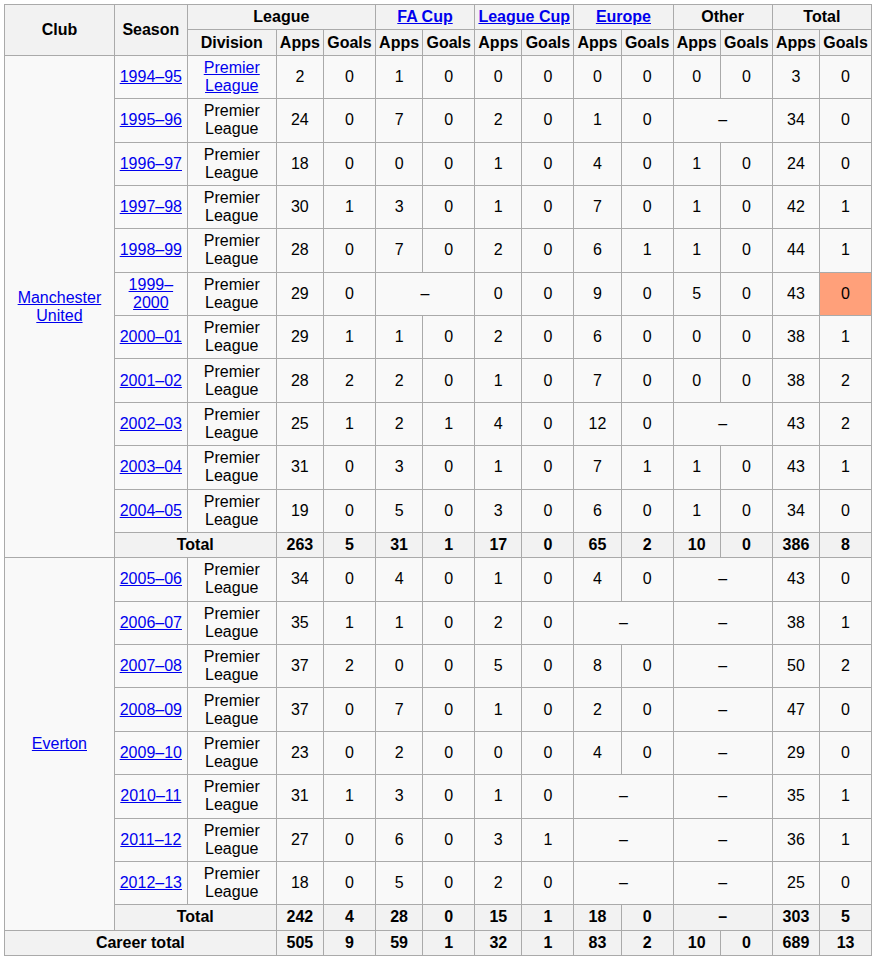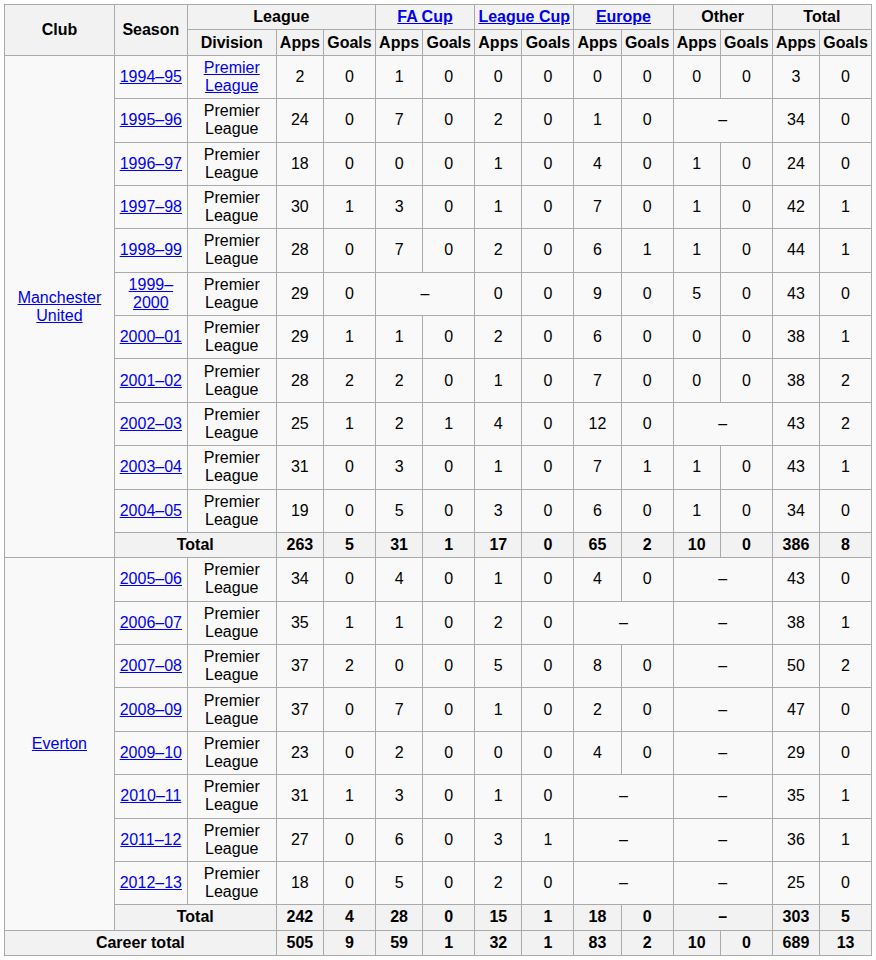 <table class="wikitable" style="text-align:center">
 <tr>
 <th rowspan="2">Club</th>
 <th rowspan="2">Season</th>
 <th colspan="3">League</th>
 <th colspan="2"><a href='#'>FA Cup</a></th>
 <th colspan="2"><a href='#'>League Cup</a></th>
 <th colspan="2"><a href='#'>Europe</a></th>
 <th colspan="2">Other</th>
 <th colspan="2">Total</th>
 </tr>
 <tr>
 <th>Division</th>
 <th>Apps</th>
 <th>Goals</th>
 <th>Apps</th>
 <th>Goals</th>
 <th>Apps</th>
 <th>Goals</th>
 <th>Apps</th>
 <th>Goals</th>
 <th>Apps</th>
 <th>Goals</th>
 <th>Apps</th>
 <th>Goals</th>
 </tr>
 <tr>
 <td rowspan="12"><a href='#'>Manchester United</a></td>
 <td><a href='#'>1994–95</a></td>
 <td><a href='#'>Premier League</a></td>
 <td>2</td>
 <td>0</td>
 <td>1</td>
 <td>0</td>
 <td>0</td>
 <td>0</td>
 <td>0</td>
 <td>0</td>
 <td>0</td>
 <td>0</td>
 <td>3</td>
 <td>0</td>
 </tr>
 <tr>
 <td><a href='#'>1995–96</a></td>
 <td>Premier League</td>
 <td>24</td>
 <td>0</td>
 <td>7</td>
 <td>0</td>
 <td>2</td>
 <td>0</td>
 <td>1</td>
 <td>0</td>
 <td colspan="2">–</td>
 <td>34</td>
 <td>0</td>
 </tr>
 <tr>
 <td><a href='#'>1996–97</a></td>
 <td>Premier League</td>
 <td>18</td>
 <td>0</td>
 <td>0</td>
 <td>0</td>
 <td>1</td>
 <td>0</td>
 <td>4</td>
 <td>0</td>
 <td>1</td>
 <td>0</td>
 <td>24</td>
 <td>0</td>
 </tr>
 <tr>
 <td><a href='#'>1997–98</a></td>
 <td>Premier League</td>
 <td>30</td>
 <td>1</td>
 <td>3</td>
 <td>0</td>
 <td>1</td>
 <td>0</td>
 <td>7</td>
 <td>0</td>
 <td>1</td>
 <td>0</td>
 <td>42</td>
 <td>1</td>
 </tr>
 <tr>
 <td><a href='#'>1998–99</a></td>
 <td>Premier League</td>
 <td>28</td>
 <td>0</td>
 <td>7</td>
 <td>0</td>
 <td>2</td>
 <td>0</td>
 <td>6</td>
 <td>1</td>
 <td>1</td>
 <td>0</td>
 <td>44</td>
 <td>1</td>
 </tr>
 <tr>
 <td><a href='#'>1999–2000</a></td>
 <td>Premier League</td>
 <td>29</td>
 <td>0</td>
 <td colspan="2">–</td>
 <td>0</td>
 <td>0</td>
 <td>9</td>
 <td>0</td>
 <td>5</td>
 <td>0</td>
 <td>43</td>
-<td style="background: lightsalmon;">0</td>
+<td>0</td>
 </tr>
 <tr>
 <td><a href='#'>2000–01</a></td>
 <td>Premier League</td>
 <td>29</td>
 <td>1</td>
 <td>1</td>
 <td>0</td>
 <td>2</td>
 <td>0</td>
 <td>6</td>
 <td>0</td>
 <td>0</td>
 <td>0</td>
 <td>38</td>
 <td>1</td>
 </tr>
 <tr>
 <td><a href='#'>2001–02</a></td>
 <td>Premier League</td>
 <td>28</td>
 <td>2</td>
 <td>2</td>
 <td>0</td>
 <td>1</td>
 <td>0</td>
 <td>7</td>
 <td>0</td>
 <td>0</td>
 <td>0</td>
 <td>38</td>
 <td>2</td>
 </tr>
 <tr>
 <td><a href='#'>2002–03</a></td>
 <td>Premier League</td>
 <td>25</td>
 <td>1</td>
 <td>2</td>
 <td>1</td>
 <td>4</td>
 <td>0</td>
 <td>12</td>
 <td>0</td>
 <td colspan="2">–</td>
 <td>43</td>
 <td>2</td>
 </tr>
 <tr>
 <td><a href='#'>2003–04</a></td>
 <td>Premier League</td>
 <td>31</td>
 <td>0</td>
 <td>3</td>
 <td>0</td>
 <td>1</td>
 <td>0</td>
 <td>7</td>
 <td>1</td>
 <td>1</td>
 <td>0</td>
 <td>43</td>
 <td>1</td>
 </tr>
 <tr>
 <td><a href='#'>2004–05</a></td>
 <td>Premier League</td>
 <td>19</td>
 <td>0</td>
 <td>5</td>
 <td>0</td>
 <td>3</td>
 <td>0</td>
 <td>6</td>
 <td>0</td>
 <td>1</td>
 <td>0</td>
 <td>34</td>
 <td>0</td>
 </tr>
 <tr>
 <th colspan="2">Total</th>
 <th>263</th>
 <th>5</th>
 <th>31</th>
 <th>1</th>
 <th>17</th>
 <th>0</th>
 <th>65</th>
 <th>2</th>
 <th>10</th>
 <th>0</th>
 <th>386</th>
 <th>8</th>
 </tr>
 <tr>
 <td rowspan="9"><a href='#'>Everton</a></td>
 <td><a href='#'>2005–06</a></td>
 <td>Premier League</td>
 <td>34</td>
 <td>0</td>
 <td>4</td>
 <td>0</td>
 <td>1</td>
 <td>0</td>
 <td>4</td>
 <td>0</td>
 <td colspan="2">–</td>
 <td>43</td>
 <td>0</td>
 </tr>
 <tr>
 <td><a href='#'>2006–07</a></td>
 <td>Premier League</td>
 <td>35</td>
 <td>1</td>
 <td>1</td>
 <td>0</td>
 <td>2</td>
 <td>0</td>
 <td colspan="2">–</td>
 <td colspan="2">–</td>
 <td>38</td>
 <td>1</td>
 </tr>
 <tr>
 <td><a href='#'>2007–08</a></td>
 <td>Premier League</td>
 <td>37</td>
 <td>2</td>
 <td>0</td>
 <td>0</td>
 <td>5</td>
 <td>0</td>
 <td>8</td>
 <td>0</td>
 <td colspan="2">–</td>
 <td>50</td>
 <td>2</td>
 </tr>
 <tr>
 <td><a href='#'>2008–09</a></td>
 <td>Premier League</td>
 <td>37</td>
 <td>0</td>
 <td>7</td>
 <td>0</td>
 <td>1</td>
 <td>0</td>
 <td>2</td>
 <td>0</td>
 <td colspan="2">–</td>
 <td>47</td>
 <td>0</td>
 </tr>
 <tr>
 <td><a href='#'>2009–10</a></td>
 <td>Premier League</td>
 <td>23</td>
 <td>0</td>
 <td>2</td>
 <td>0</td>
 <td>0</td>
 <td>0</td>
 <td>4</td>
 <td>0</td>
 <td colspan="2">–</td>
 <td>29</td>
 <td>0</td>
 </tr>
 <tr>
 <td><a href='#'>2010–11</a></td>
 <td>Premier League</td>
 <td>31</td>
 <td>1</td>
 <td>3</td>
 <td>0</td>
 <td>1</td>
 <td>0</td>
 <td colspan="2">–</td>
 <td colspan="2">–</td>
 <td>35</td>
 <td>1</td>
 </tr>
 <tr>
 <td><a href='#'>2011–12</a></td>
 <td>Premier League</td>
 <td>27</td>
 <td>0</td>
 <td>6</td>
 <td>0</td>
 <td>3</td>
 <td>1</td>
 <td colspan="2">–</td>
 <td colspan="2">–</td>
 <td>36</td>
 <td>1</td>
 </tr>
 <tr>
 <td><a href='#'>2012–13</a></td>
 <td>Premier League</td>
 <td>18</td>
 <td>0</td>
 <td>5</td>
 <td>0</td>
 <td>2</td>
 <td>0</td>
 <td colspan="2">–</td>
 <td colspan="2">–</td>
 <td>25</td>
 <td>0</td>
 </tr>
 <tr>
 <th colspan="2">Total</th>
 <th>242</th>
 <th>4</th>
 <th>28</th>
 <th>0</th>
 <th>15</th>
 <th>1</th>
 <th>18</th>
 <th>0</th>
 <th colspan="2">–</th>
 <th>303</th>
 <th>5</th>
 </tr>
 <tr>
 <th colspan="3">Career total</th>
 <th>505</th>
 <th>9</th>
 <th>59</th>
 <th>1</th>
 <th>32</th>
 <th>1</th>
 <th>83</th>
 <th>2</th>
 <th>10</th>
 <th>0</th>
 <th>689</th>
 <th>13</th>
 </tr>
 </table>
